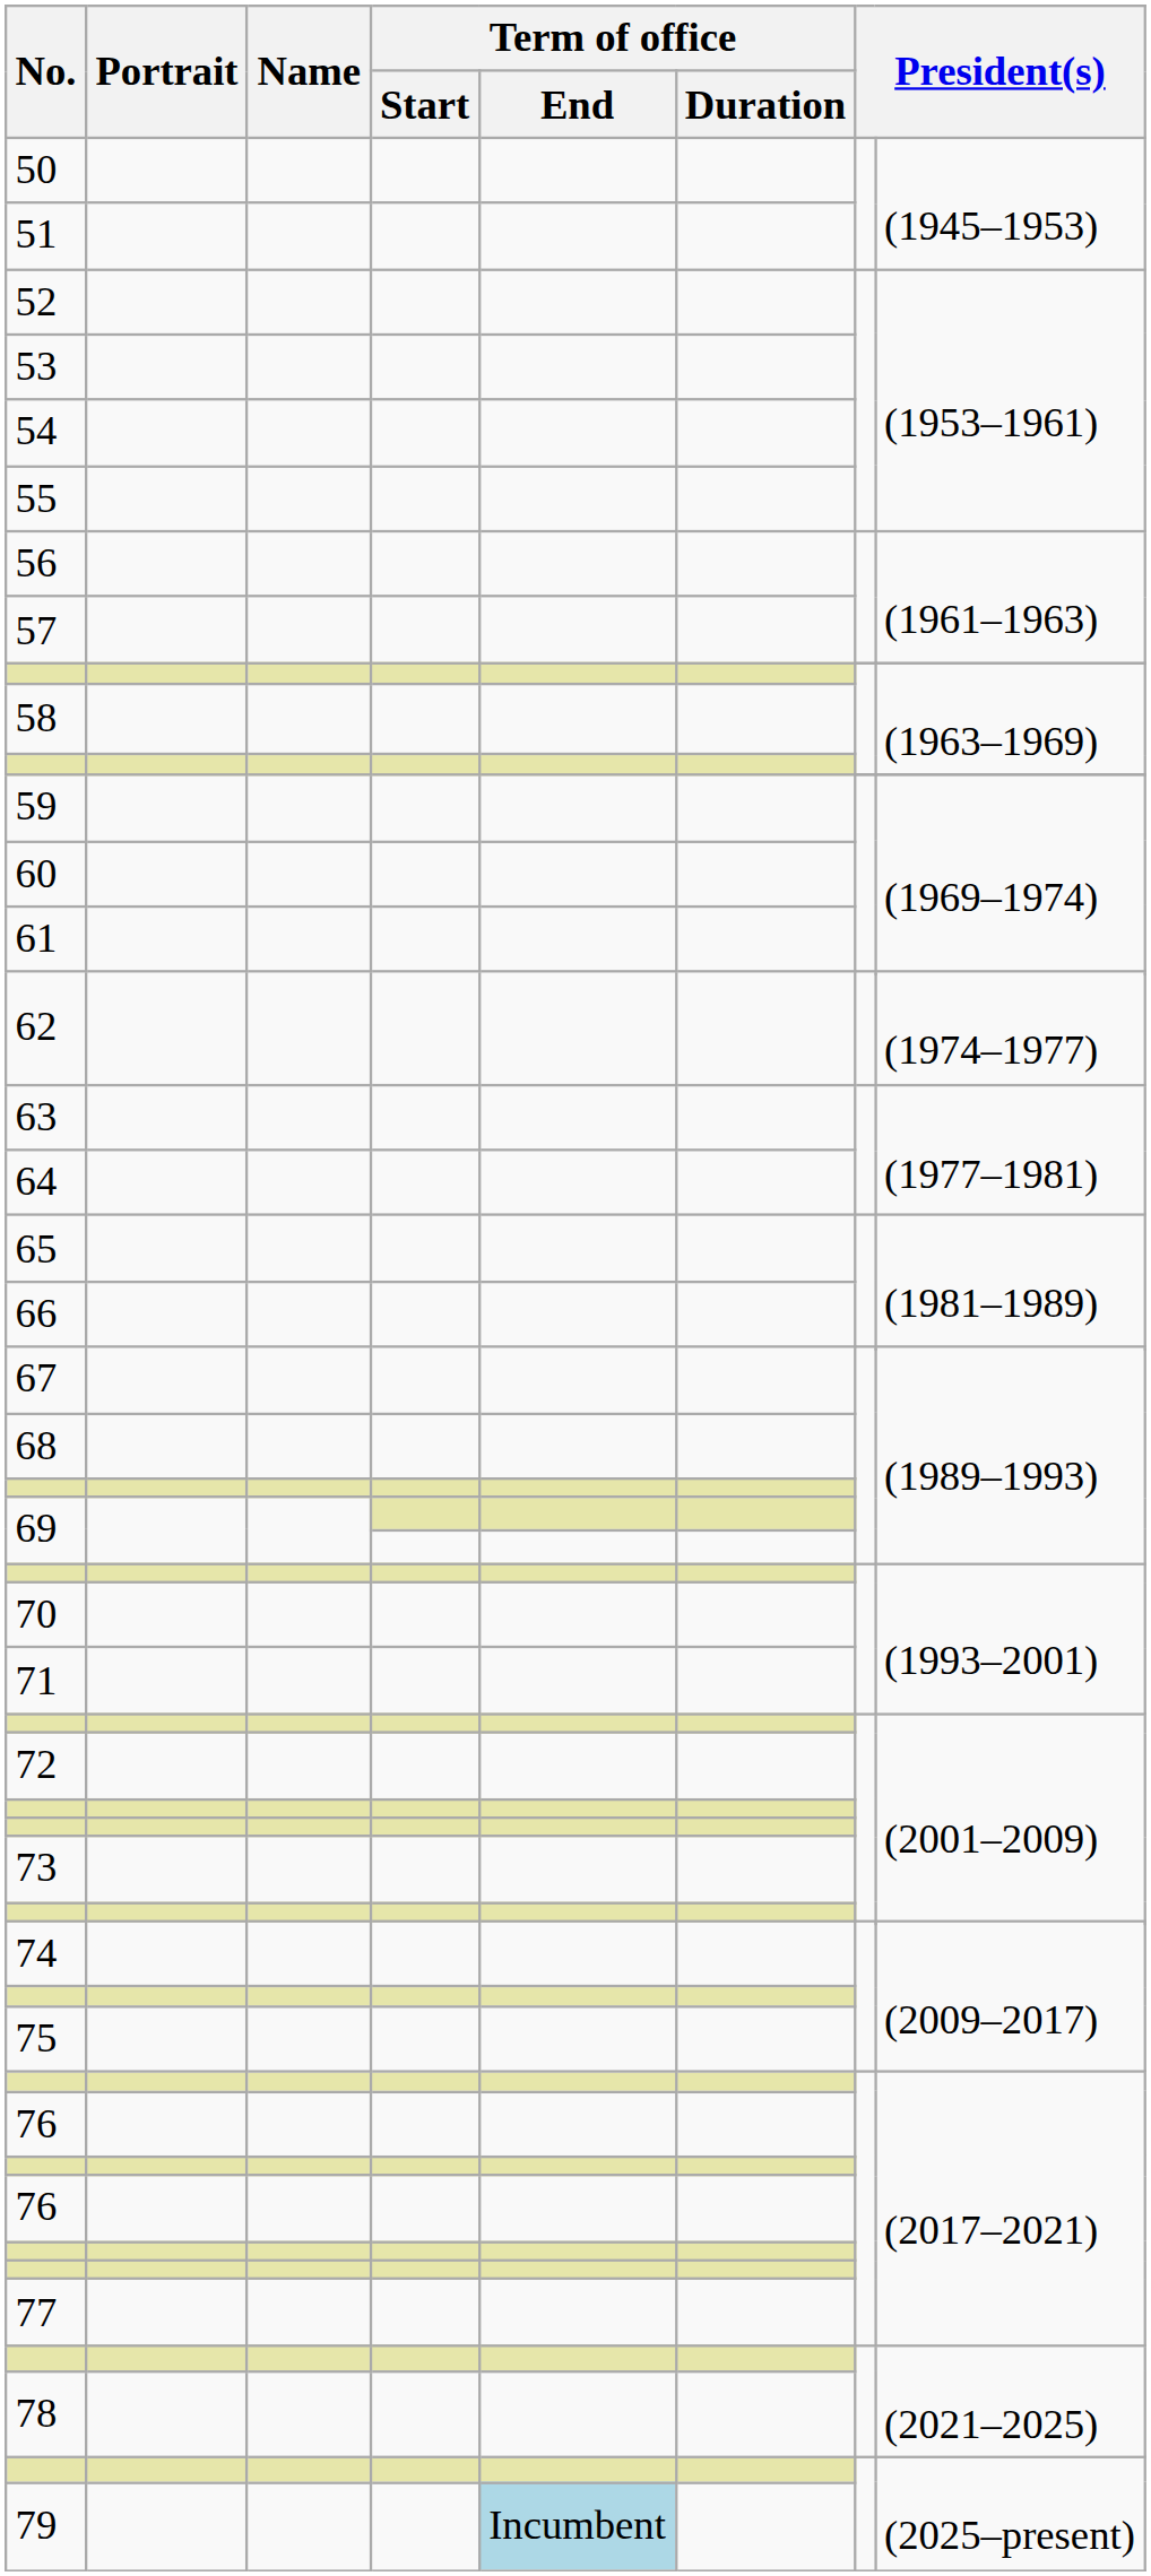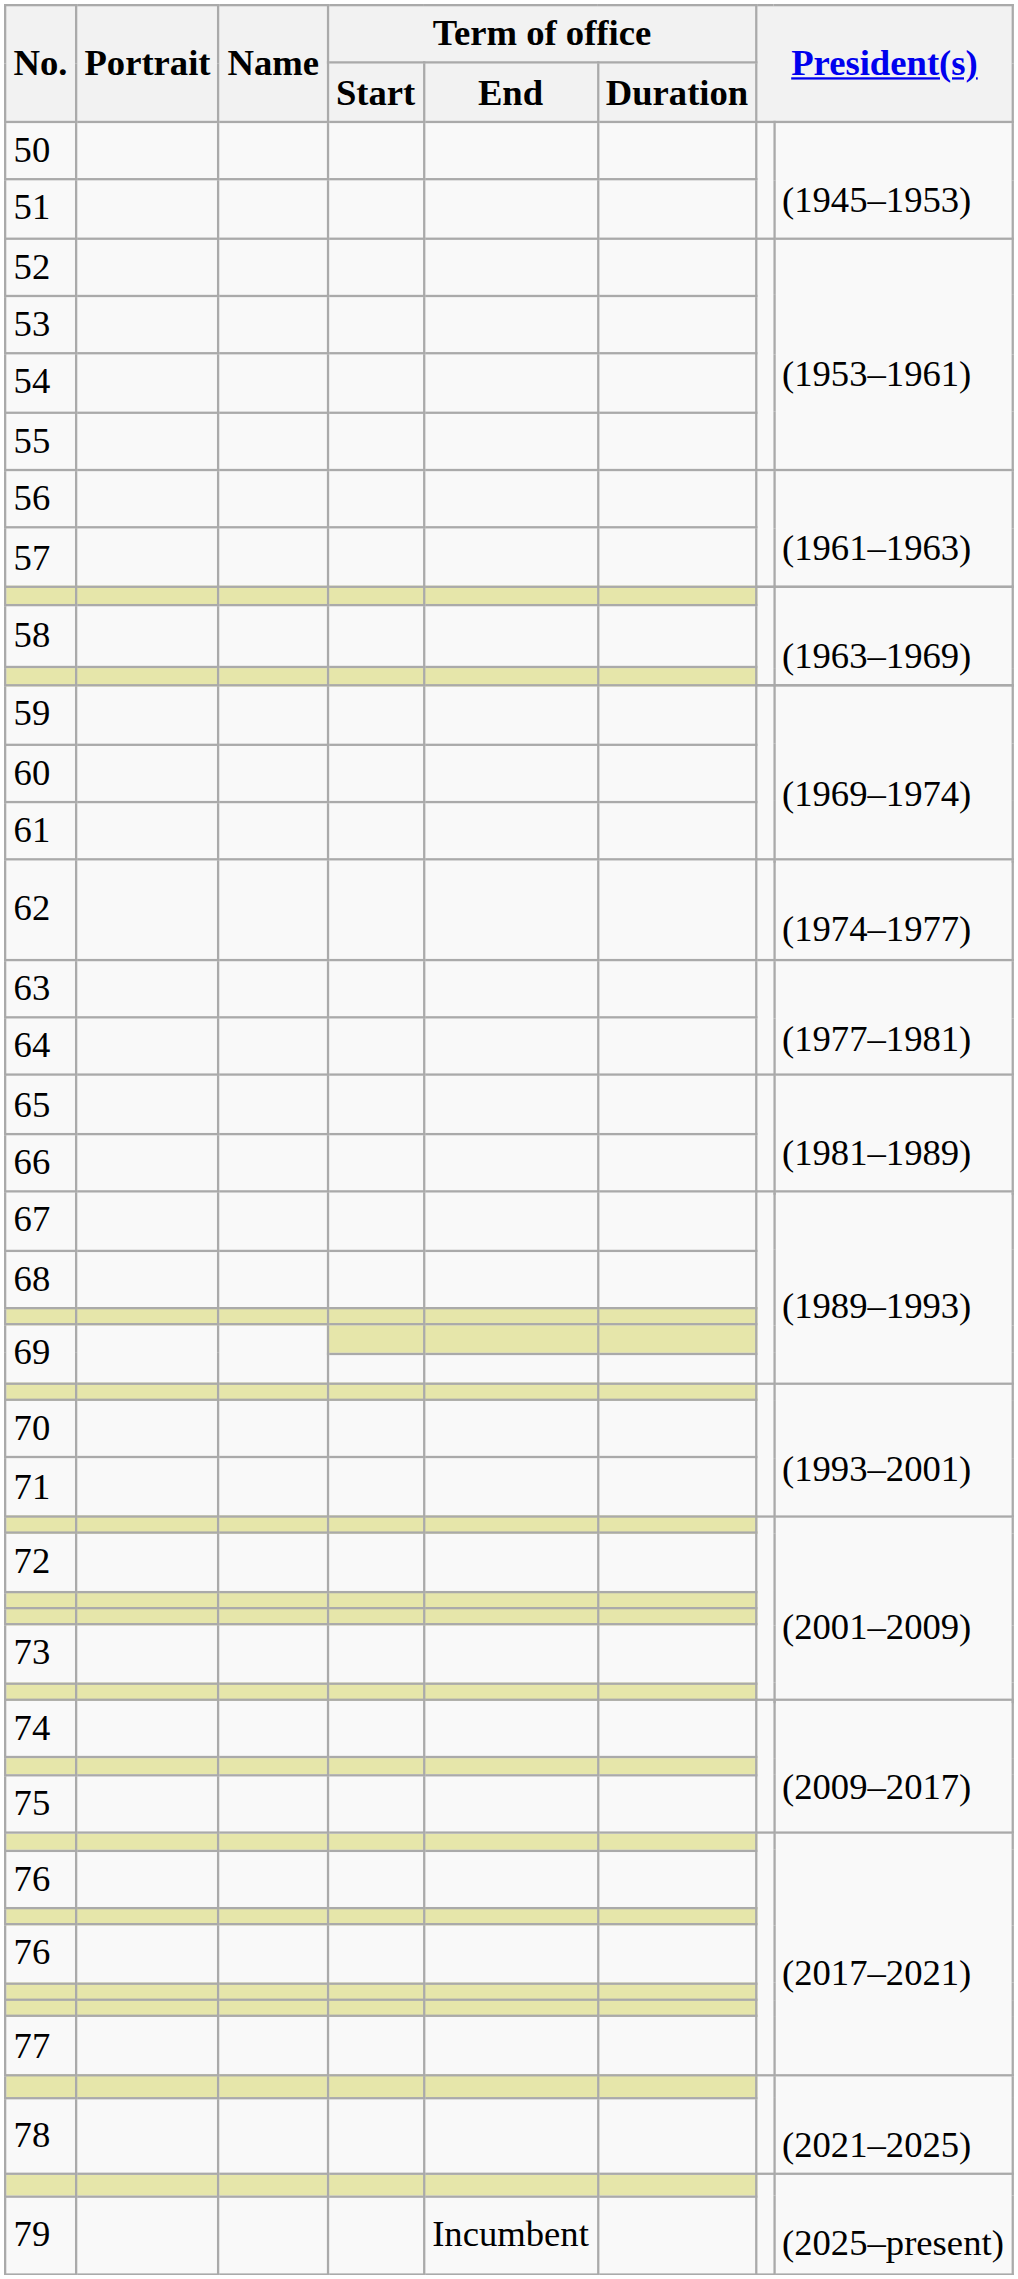 <table class="wikitable sortable">
 <tr>
 <th rowspan=2>No.</th>
 <th rowspan=2>Portrait</th>
 <th rowspan=2>Name</th>
 <th colspan=3>Term of office</th>
 <th rowspan=2 colspan=2><a href='#'>President(s)</a></th>
 </tr>
 <tr>
 <th>Start</th>
 <th>End</th>
 <th>Duration</th>
 </tr>
 <tr>
 <td>50</td>
 <td></td>
 <td></td>
 <td></td>
 <td></td>
 <td></td>
 <td rowspan=2 style="background: "></td>
 <td rowspan=2><br>(1945–1953)</td>
 </tr>
 <tr>
 <td>51</td>
 <td></td>
 <td></td>
 <td></td>
 <td></td>
 <td></td>
 </tr>
 <tr>
 <td>52</td>
 <td></td>
 <td></td>
 <td></td>
 <td></td>
 <td></td>
 <td rowspan=4 style="background: "></td>
 <td rowspan=4><br>(1953–1961)</td>
 </tr>
 <tr>
 <td>53</td>
 <td></td>
 <td></td>
 <td></td>
 <td></td>
 <td></td>
 </tr>
 <tr>
 <td>54</td>
 <td></td>
 <td></td>
 <td></td>
 <td></td>
 <td></td>
 </tr>
 <tr>
 <td>55</td>
 <td></td>
 <td></td>
 <td></td>
 <td></td>
 <td></td>
 </tr>
 <tr>
 <td>56</td>
 <td></td>
 <td></td>
 <td></td>
 <td></td>
 <td></td>
 <td rowspan=2 style="background: "></td>
 <td rowspan=2><br>(1961–1963)</td>
 </tr>
 <tr>
 <td>57</td>
 <td></td>
 <td></td>
 <td></td>
 <td></td>
 <td></td>
 </tr>
 <tr>
 <td rowspan=2 style="background:#e6e6aa;"></td>
 <td rowspan=2 style="background:#e6e6aa;"></td>
 <td rowspan=2 style="background:#e6e6aa;"></td>
 <td rowspan=2 style="background:#e6e6aa;"></td>
 <td rowspan=2 style="background:#e6e6aa;"></td>
 <td rowspan=2 style="background:#e6e6aa;"></td>
 </tr>
 <tr>
 <td rowspan=3 style="background: "></td>
 <td rowspan=3><br>(1963–1969)</td>
 </tr>
 <tr>
 <td>58</td>
 <td></td>
 <td></td>
 <td></td>
 <td></td>
 <td></td>
 </tr>
 <tr>
 <td style="background:#e6e6aa;"></td>
 <td style="background:#e6e6aa;"></td>
 <td style="background:#e6e6aa;"></td>
 <td style="background:#e6e6aa;"></td>
 <td style="background:#e6e6aa;"></td>
 <td style="background:#e6e6aa;"></td>
 </tr>
 <tr>
 <td rowspan=2>59</td>
 <td rowspan=2></td>
 <td rowspan=2></td>
 <td rowspan=2></td>
 <td rowspan=2></td>
 <td rowspan=2></td>
 </tr>
 <tr>
 <td rowspan=4 style="background: "></td>
 <td rowspan=4><br>(1969–1974)</td>
 </tr>
 <tr>
 <td>60</td>
 <td></td>
 <td></td>
 <td></td>
 <td></td>
 <td></td>
 </tr>
 <tr>
 <td>61</td>
 <td></td>
 <td></td>
 <td></td>
 <td></td>
 <td></td>
 </tr>
 <tr>
 <td rowspan=2>62</td>
 <td rowspan=2></td>
 <td rowspan=2></td>
 <td rowspan=2></td>
 <td rowspan=2></td>
 <td rowspan=2></td>
 </tr>
 <tr>
 <td style="background: "></td>
 <td><br>(1974–1977)</td>
 </tr>
 <tr>
 <td>63</td>
 <td></td>
 <td></td>
 <td></td>
 <td></td>
 <td></td>
 <td rowspan=2 style="background: "></td>
 <td rowspan=2><br>(1977–1981)</td>
 </tr>
 <tr>
 <td>64</td>
 <td></td>
 <td></td>
 <td></td>
 <td></td>
 <td></td>
 </tr>
 <tr>
 <td>65</td>
 <td></td>
 <td></td>
 <td></td>
 <td></td>
 <td></td>
 <td rowspan=3 style="background: "></td>
 <td rowspan=3><br>(1981–1989)</td>
 </tr>
 <tr>
 <td>66</td>
 <td></td>
 <td></td>
 <td></td>
 <td></td>
 <td></td>
 </tr>
 <tr>
 <td rowspan=2>67</td>
 <td rowspan=2></td>
 <td rowspan=2></td>
 <td rowspan=2></td>
 <td rowspan=2></td>
 <td rowspan=2></td>
 </tr>
 <tr>
 <td rowspan=5 style="background: "></td>
 <td rowspan=5><br>(1989–1993)</td>
 </tr>
 <tr>
 <td>68</td>
 <td></td>
 <td></td>
 <td></td>
 <td></td>
 <td></td>
 </tr>
 <tr>
 <td style="background:#e6e6aa;"></td>
 <td style="background:#e6e6aa;"></td>
 <td style="background:#e6e6aa;"></td>
 <td style="background:#e6e6aa;"></td>
 <td style="background:#e6e6aa;"></td>
 <td style="background:#e6e6aa;"></td>
 </tr>
 <tr>
 <td rowspan=2>69</td>
 <td rowspan=2></td>
 <td rowspan=2></td>
 <td style="background:#e6e6aa;"></td>
 <td style="background:#e6e6aa;"></td>
 <td style="background:#e6e6aa;"></td>
 </tr>
 <tr>
 <td></td>
 <td></td>
 <td></td>
 </tr>
 <tr>
 <td style="background:#e6e6aa;"></td>
 <td style="background:#e6e6aa;"></td>
 <td style="background:#e6e6aa;"></td>
 <td style="background:#e6e6aa;"></td>
 <td style="background:#e6e6aa;"></td>
 <td style="background:#e6e6aa;"></td>
 <td rowspan=3 style="background: "></td>
 <td rowspan=3><br>(1993–2001)</td>
 </tr>
 <tr>
 <td>70</td>
 <td></td>
 <td></td>
 <td></td>
 <td></td>
 <td></td>
 </tr>
 <tr>
 <td>71</td>
 <td></td>
 <td></td>
 <td></td>
 <td></td>
 <td></td>
 </tr>
 <tr>
 <td style="background:#e6e6aa;"></td>
 <td style="background:#e6e6aa;"></td>
 <td style="background:#e6e6aa;"></td>
 <td style="background:#e6e6aa;"></td>
 <td style="background:#e6e6aa;"></td>
 <td style="background:#e6e6aa;"></td>
 <td rowspan=7 style="background: "></td>
 <td rowspan=7><br>(2001–2009)</td>
 </tr>
 <tr>
 <td>72</td>
 <td></td>
 <td></td>
 <td></td>
 <td></td>
 <td></td>
 </tr>
 <tr>
 <td style="background:#e6e6aa;"></td>
 <td style="background:#e6e6aa;"></td>
 <td style="background:#e6e6aa;"></td>
 <td style="background:#e6e6aa;"></td>
 <td style="background:#e6e6aa;"></td>
 <td style="background:#e6e6aa;"></td>
 </tr>
 <tr>
 <td style="background:#e6e6aa;"></td>
 <td style="background:#e6e6aa;"></td>
 <td style="background:#e6e6aa;"></td>
 <td style="background:#e6e6aa;"></td>
 <td style="background:#e6e6aa;"></td>
 <td style="background:#e6e6aa;"></td>
 </tr>
 <tr>
 <td>73</td>
 <td></td>
 <td></td>
 <td></td>
 <td></td>
 <td></td>
 </tr>
 <tr>
 <td style="background:#e6e6aa;"></td>
 <td style="background:#e6e6aa;"></td>
 <td style="background:#e6e6aa;"></td>
 <td style="background:#e6e6aa;"></td>
 <td style="background:#e6e6aa;"></td>
 <td style="background:#e6e6aa;"></td>
 </tr>
 <tr>
 <td rowspan=2>74</td>
 <td rowspan=2></td>
 <td rowspan=2></td>
 <td rowspan=2></td>
 <td rowspan=2></td>
 <td rowspan=2></td>
 </tr>
 <tr>
 <td rowspan=3 style="background: "></td>
 <td rowspan=3><br>(2009–2017)</td>
 </tr>
 <tr>
 <td style="background:#e6e6aa;"></td>
 <td style="background:#e6e6aa;"></td>
 <td style="background:#e6e6aa;"></td>
 <td style="background:#e6e6aa;"></td>
 <td style="background:#e6e6aa;"></td>
 <td style="background:#e6e6aa;"></td>
 </tr>
 <tr>
 <td>75</td>
 <td></td>
 <td></td>
 <td></td>
 <td></td>
 <td></td>
 </tr>
 <tr>
 <td style="background:#e6e6aa;"></td>
 <td style="background:#e6e6aa;"></td>
 <td style="background:#e6e6aa;"></td>
 <td style="background:#e6e6aa;"></td>
 <td style="background:#e6e6aa;"></td>
 <td style="background:#e6e6aa;"></td>
 <td rowspan=7 style="background: "></td>
 <td rowspan=7><br>(2017–2021)</td>
 </tr>
 <tr>
 <td>76</td>
 <td></td>
 <td></td>
 <td></td>
 <td></td>
 <td></td>
 </tr>
 <tr>
 <td style="background:#e6e6aa;"></td>
 <td style="background:#e6e6aa;"></td>
 <td style="background:#e6e6aa;"></td>
 <td style="background:#e6e6aa;"></td>
 <td style="background:#e6e6aa;"></td>
 <td style="background:#e6e6aa;"></td>
 </tr>
 <tr>
 <td>76</td>
 <td></td>
 <td></td>
 <td></td>
 <td></td>
 <td></td>
 </tr>
 <tr>
 <td style="background:#e6e6aa;"></td>
 <td style="background:#e6e6aa;"></td>
 <td style="background:#e6e6aa;"></td>
 <td style="background:#e6e6aa;"></td>
 <td style="background:#e6e6aa;"></td>
 <td style="background:#e6e6aa;"></td>
 </tr>
 <tr>
 <td style="background:#e6e6aa;"></td>
 <td style="background:#e6e6aa;"></td>
 <td style="background:#e6e6aa;"></td>
 <td style="background:#e6e6aa;"></td>
 <td style="background:#e6e6aa;"></td>
 <td style="background:#e6e6aa;"></td>
 </tr>
 <tr>
 <td>77</td>
 <td></td>
 <td></td>
 <td></td>
 <td></td>
 <td></td>
 </tr>
 <tr>
 <td style="background:#e6e6aa;"></td>
 <td style="background:#e6e6aa;"></td>
 <td style="background:#e6e6aa;"></td>
 <td style="background:#e6e6aa;"></td>
 <td style="background:#e6e6aa;"></td>
 <td style="background:#e6e6aa;"></td>
 <td rowspan=2 style="background: "></td>
 <td rowspan=2><br>(2021–2025)</td>
 </tr>
 <tr>
 <td>78</td>
 <td></td>
 <td></td>
 <td></td>
 <td></td>
 <td></td>
 </tr>
 <tr>
 <td style="background:#e6e6aa;"></td>
 <td style="background:#e6e6aa;"></td>
 <td style="background:#e6e6aa;"></td>
 <td style="background:#e6e6aa;"></td>
 <td style="background:#e6e6aa;"></td>
 <td style="background:#e6e6aa;"></td>
 <td rowspan=2 style="background: "></td>
 <td rowspan=2><br>(2025–present)</td>
 </tr>
 <tr>
 <td>79</td>
 <td></td>
 <td></td>
 <td></td>
-<td style="background: lightblue;">Incumbent</td>
+<td>Incumbent</td>
 <td></td>
 </tr>
 </table>
